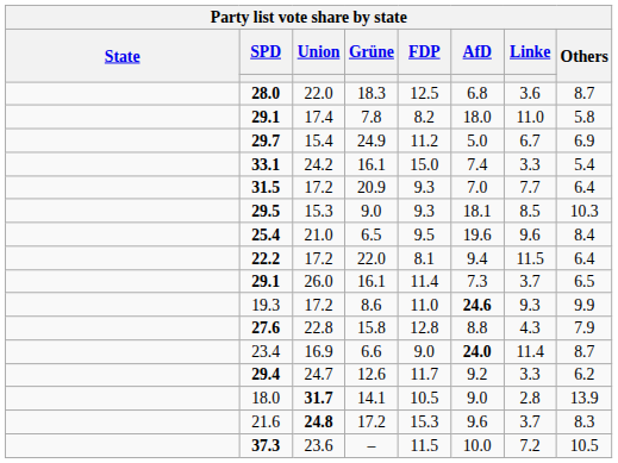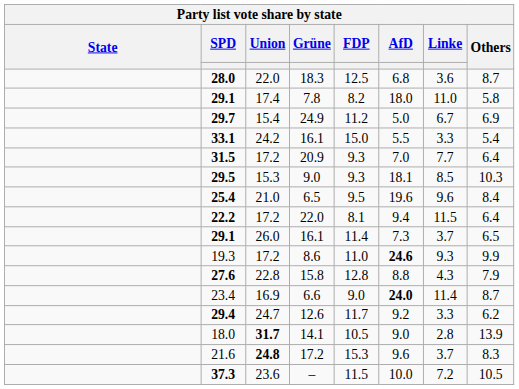 <table class="wikitable sortable" style="text-align:center;font-size:90%;line-height:14px">
 <tr>
 <th colspan=8>Party list vote share by state</th>
 </tr>
 <tr style="height:40px;">
 <th class="wikitable sortable" style="width:200px;" rowspan="2"><a href='#'>State</a></th>
 <th class="wikitable sortable" style="width:40px;"><a href='#'>SPD</a></th>
 <th class="wikitable sortable" style="width:40px;"><a href='#'>Union</a></th>
 <th class="wikitable sortable" style="width:40px;"><a href='#'>Grüne</a></th>
 <th class="wikitable sortable" style="width:40px;"><a href='#'>FDP</a></th>
 <th class="wikitable sortable" style="width:40px;"><a href='#'>AfD</a></th>
 <th class="wikitable sortable" style="width:40px;"><a href='#'>Linke</a></th>
 <th class="wikitable sortable" style="width:40px;" rowspan="2">Others</th>
 </tr>
 <tr>
 <th class="wikitable sortable" style="background:"></th>
 <th class="wikitable sortable" style="background:"></th>
 <th class="wikitable sortable" style="background:"></th>
 <th class="wikitable sortable" style="background:"></th>
 <th class="wikitable sortable" style="background:"></th>
 <th class="wikitable sortable" style="background:"></th>
 </tr>
 <tr>
 <td align="left"></td>
 <td><strong>28.0</strong></td>
 <td>22.0</td>
 <td>18.3</td>
 <td>12.5</td>
 <td>6.8</td>
 <td>3.6</td>
 <td>8.7</td>
 </tr>
 <tr>
 <td align="left"></td>
 <td><strong>29.1</strong></td>
 <td>17.4</td>
 <td>7.8</td>
 <td>8.2</td>
 <td>18.0</td>
 <td>11.0</td>
 <td>5.8</td>
 </tr>
 <tr>
 <td align="left"></td>
 <td><strong>29.7</strong></td>
 <td>15.4</td>
 <td>24.9</td>
 <td>11.2</td>
 <td>5.0</td>
 <td>6.7</td>
 <td>6.9</td>
 </tr>
 <tr>
 <td align="left"></td>
 <td><strong>33.1</strong></td>
 <td>24.2</td>
 <td>16.1</td>
 <td>15.0</td>
-<td>7.4</td>
+<td>5.5</td>
 <td>3.3</td>
 <td>5.4</td>
 </tr>
 <tr>
 <td align="left"></td>
 <td><strong>31.5</strong></td>
 <td>17.2</td>
 <td>20.9</td>
 <td>9.3</td>
 <td>7.0</td>
 <td>7.7</td>
 <td>6.4</td>
 </tr>
 <tr>
 <td align="left"></td>
 <td><strong>29.5</strong></td>
 <td>15.3</td>
 <td>9.0</td>
 <td>9.3</td>
 <td>18.1</td>
 <td>8.5</td>
 <td>10.3</td>
 </tr>
 <tr>
 <td align="left"></td>
 <td><strong>25.4</strong></td>
 <td>21.0</td>
 <td>6.5</td>
 <td>9.5</td>
 <td>19.6</td>
 <td>9.6</td>
 <td>8.4</td>
 </tr>
 <tr>
 <td align="left"></td>
 <td><strong>22.2</strong></td>
 <td>17.2</td>
 <td>22.0</td>
 <td>8.1</td>
 <td>9.4</td>
 <td>11.5</td>
 <td>6.4</td>
 </tr>
 <tr>
 <td align="left"></td>
 <td><strong>29.1</strong></td>
 <td>26.0</td>
 <td>16.1</td>
 <td>11.4</td>
 <td>7.3</td>
 <td>3.7</td>
 <td>6.5</td>
 </tr>
 <tr>
 <td align="left"></td>
 <td>19.3</td>
 <td>17.2</td>
 <td>8.6</td>
 <td>11.0</td>
 <td><strong>24.6</strong></td>
 <td>9.3</td>
 <td>9.9</td>
 </tr>
 <tr>
 <td align="left"></td>
 <td><strong>27.6</strong></td>
 <td>22.8</td>
 <td>15.8</td>
 <td>12.8</td>
 <td>8.8</td>
 <td>4.3</td>
 <td>7.9</td>
 </tr>
 <tr>
 <td align="left"></td>
 <td>23.4</td>
 <td>16.9</td>
 <td>6.6</td>
 <td>9.0</td>
 <td><strong>24.0</strong></td>
 <td>11.4</td>
 <td>8.7</td>
 </tr>
 <tr>
 <td align="left"></td>
 <td><strong>29.4</strong></td>
 <td>24.7</td>
 <td>12.6</td>
 <td>11.7</td>
 <td>9.2</td>
 <td>3.3</td>
 <td>6.2</td>
 </tr>
 <tr>
 <td align="left"></td>
 <td>18.0</td>
 <td><strong>31.7</strong></td>
 <td>14.1</td>
 <td>10.5</td>
 <td>9.0</td>
 <td>2.8</td>
 <td>13.9</td>
 </tr>
 <tr>
 <td align="left"></td>
 <td>21.6</td>
 <td><strong>24.8</strong></td>
 <td>17.2</td>
 <td>15.3</td>
 <td>9.6</td>
 <td>3.7</td>
 <td>8.3</td>
 </tr>
 <tr>
 <td align="left"></td>
 <td><strong>37.3</strong></td>
 <td>23.6</td>
 <td>–</td>
 <td>11.5</td>
 <td>10.0</td>
 <td>7.2</td>
 <td>10.5</td>
 </tr>
 </table>
